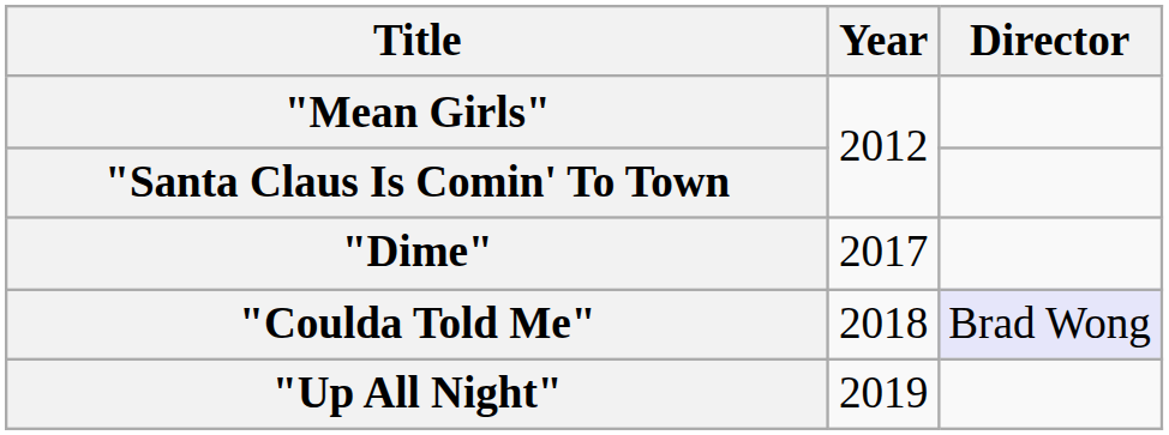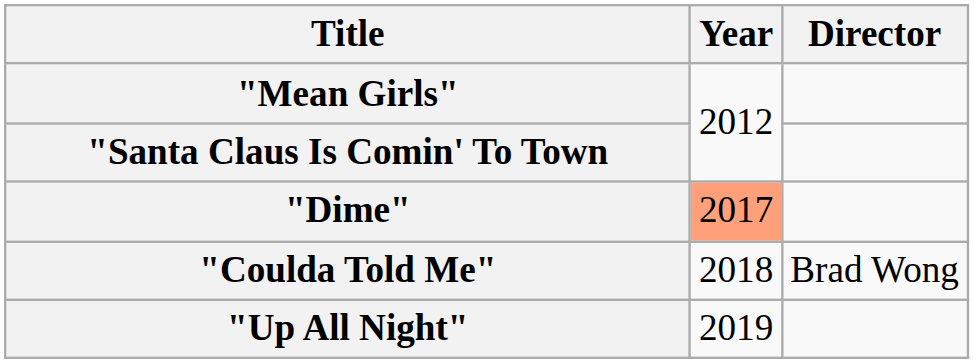 <table class="wikitable plainrowheaders" border="1">
 <tr>
 <th scope="col" style="width:18em;">Title</th>
 <th scope="col">Year</th>
 <th scope="col">Director</th>
 </tr>
 <tr>
 <th scope="row">"Mean Girls"</th>
 <td rowspan="2">2012</td>
 <td></td>
 </tr>
 <tr>
 <th scope="row">"Santa Claus Is Comin' To Town</th>
 <td></td>
 </tr>
 <tr>
 <th scope="row">"Dime"</th>
-<td>2017</td>
+<td style="background: lightsalmon;">2017</td>
 <td></td>
 </tr>
 <tr>
 <th scope="row">"Coulda Told Me"</th>
 <td>2018</td>
-<td style="background: lavender;">Brad Wong</td>
+<td>Brad Wong</td>
 </tr>
 <tr>
 <th scope="row">"Up All Night"</th>
 <td>2019</td>
 <td></td>
 </tr>
 </table>
